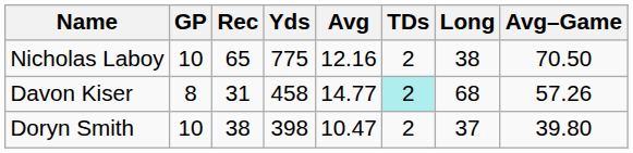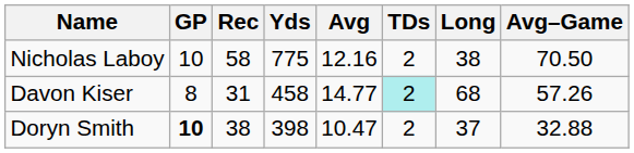 <table class="wikitable">
 <tr>
 <th>Name</th>
 <th>GP</th>
 <th>Rec</th>
 <th>Yds</th>
 <th>Avg</th>
 <th>TDs</th>
 <th>Long</th>
 <th>Avg–Game</th>
 </tr>
 <tr>
 <td>Nicholas Laboy</td>
 <td align=center>10</td>
-<td align=center>65</td>
+<td align=center>58</td>
 <td align=center>775</td>
 <td align=center>12.16</td>
 <td align=center>2</td>
 <td align=center>38</td>
 <td align=center>70.50</td>
 </tr>
 <tr>
 <td>Davon Kiser</td>
 <td align=center>8</td>
 <td align=center>31</td>
 <td align=center>458</td>
 <td align=center>14.77</td>
 <td align=center style="background: paleturquoise;">2</td>
 <td align=center>68</td>
 <td align=center>57.26</td>
 </tr>
 <tr>
 <td>Doryn Smith</td>
-<td align=center>10</td>
+<td align=center><strong>10</strong></td>
 <td align=center>38</td>
 <td align=center>398</td>
 <td align=center>10.47</td>
 <td align=center>2</td>
 <td align=center>37</td>
-<td align=center>39.80</td>
+<td align=center>32.88</td>
 </tr>
 </table>
